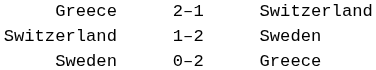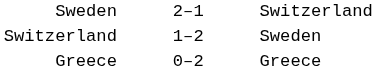 <table style="text-align:center">
 <tr>
 <th width=200></th>
 <th width=100></th>
 <th width=200></th>
 </tr>
 <tr>
-<td align=right>Greece</td>
+<td align=right>Sweden</td>
 <td>2–1</td>
 <td align=left>Switzerland</td>
 </tr>
 <tr>
 <td align=right>Switzerland</td>
 <td>1–2</td>
 <td align=left>Sweden</td>
 </tr>
 <tr>
-<td align=right>Sweden</td>
+<td align=right>Greece</td>
 <td>0–2</td>
 <td align=left>Greece</td>
 </tr>
 </table>
